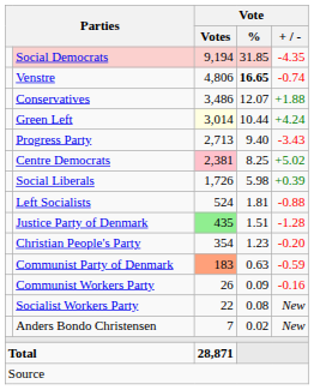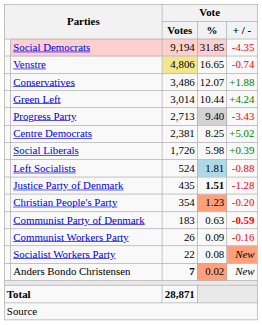 <table class="wikitable" style="text-align:right;">
 <tr>
 <th style="text-align:centre;" rowspan="2" colspan="2" width="225">Parties</th>
 <th colspan="3">Vote</th>
 </tr>
 <tr>
 <th width="15">Votes</th>
 <th width="15">%</th>
 <th width="15">+ / -</th>
 </tr>
 <tr>
 <td width="2" style="color:inherit;background:"></td>
 <td bgcolor=#fbd0ce  align="left"><a href='#'>Social Democrats</a></td>
 <td bgcolor=#fbd0ce>9,194</td>
 <td bgcolor=#fbd0ce>31.85</td>
 <td style=color:red;>-4.35</td>
 </tr>
 <tr>
 <td width="2" style="color:inherit;background:"></td>
 <td align="left"><a href='#'>Venstre</a></td>
-<td>4,806</td>
-<td><strong>16.65</strong></td>
+<td style="background: khaki;">4,806</td>
+<td>16.65</td>
 <td style=color:red;>-0.74</td>
 </tr>
 <tr>
 <td width="2" style="color:inherit;background:"></td>
 <td align="left"><a href='#'>Conservatives</a></td>
 <td>3,486</td>
 <td>12.07</td>
 <td style=color:green;>+1.88</td>
 </tr>
 <tr>
 <td width="2" style="color:inherit;background:"></td>
 <td align="left"><a href='#'>Green Left</a></td>
-<td style="background: lightyellow;">3,014</td>
+<td>3,014</td>
 <td>10.44</td>
 <td style=color:green;>+4.24</td>
 </tr>
 <tr>
 <td width="2" style="color:inherit;background:"></td>
 <td align="left"><a href='#'>Progress Party</a></td>
 <td>2,713</td>
-<td>9.40</td>
+<td style="background: lightgrey;">9.40</td>
 <td style=color:red;>-3.43</td>
 </tr>
 <tr>
 <td width="2" style="color:inherit;background:"></td>
 <td align="left"><a href='#'>Centre Democrats</a></td>
-<td style="background: pink;">2,381</td>
+<td>2,381</td>
 <td>8.25</td>
 <td style=color:green;>+5.02</td>
 </tr>
 <tr>
 <td width="2" style="color:inherit;background:"></td>
 <td align="left"><a href='#'>Social Liberals</a></td>
 <td>1,726</td>
 <td>5.98</td>
 <td style=color:green;>+0.39</td>
 </tr>
 <tr>
 <td width="2" style="color:inherit;background:"></td>
 <td align="left"><a href='#'>Left Socialists</a></td>
 <td>524</td>
-<td>1.81</td>
+<td style="background: lightblue;">1.81</td>
 <td style=color:red;>-0.88</td>
 </tr>
 <tr>
 <td width="2" style="color:inherit;background:"></td>
 <td align="left"><a href='#'>Justice Party of Denmark</a></td>
-<td style="background: lightgreen;">435</td>
-<td>1.51</td>
+<td>435</td>
+<td><strong>1.51</strong></td>
 <td style=color:red;>-1.28</td>
 </tr>
 <tr>
 <td width="2" style="color:inherit;background:"></td>
 <td align="left"><a href='#'>Christian People's Party</a></td>
 <td>354</td>
-<td>1.23</td>
+<td style="background: lightsalmon;">1.23</td>
 <td style=color:red;>-0.20</td>
 </tr>
 <tr>
 <td width="2" style="color:inherit;background:"></td>
 <td align="left"><a href='#'>Communist Party of Denmark</a></td>
-<td style="background: lightsalmon;">183</td>
+<td>183</td>
 <td>0.63</td>
-<td style=color:red;>-0.59</td>
+<td style=color:red;><strong>-0.59</strong></td>
 </tr>
 <tr>
 <td width="2" style="color:inherit;background:"></td>
 <td align="left"><a href='#'>Communist Workers Party</a></td>
 <td>26</td>
 <td>0.09</td>
 <td style=color:red;>-0.16</td>
 </tr>
 <tr>
 <td width="2" style="color:inherit;background:"></td>
 <td align="left"><a href='#'>Socialist Workers Party</a></td>
 <td>22</td>
 <td>0.08</td>
-<td><em>New</em></td>
+<td style="background: lightsalmon;"><em>New</em></td>
 </tr>
 <tr>
 <td width="2" style="color:inherit;background:"></td>
 <td align="left">Anders Bondo Christensen</td>
-<td>7</td>
-<td>0.02</td>
+<td><strong>7</strong></td>
+<td style="background: lightsalmon;">0.02</td>
 <td><em>New</em></td>
 </tr>
 <tr>
 <td colspan="7" bgcolor="#E9E9E9"></td>
 </tr>
 <tr>
 <td align="left" colspan="2"><strong>Total</strong></td>
 <td><strong>28,871</strong></td>
 <td bgcolor="#E9E9E9" colspan="2"></td>
 </tr>
 <tr>
 <td align="left" colspan="6">Source</td>
 </tr>
 </table>
